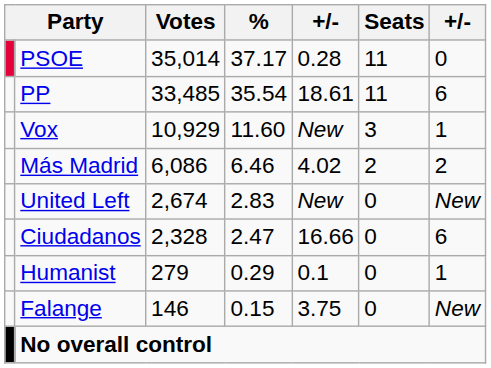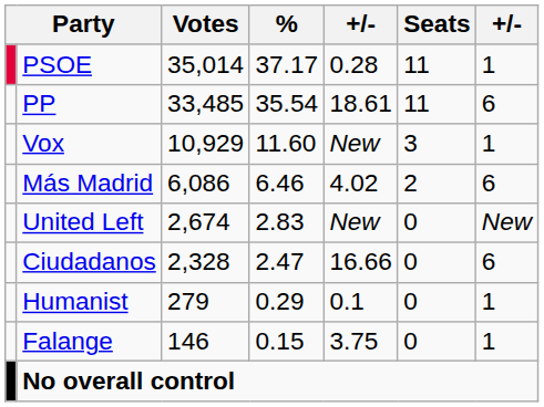 <table class="wikitable">
 <tr>
 <th colspan="2">Party</th>
 <th>Votes</th>
 <th>%</th>
 <th>+/-</th>
 <th>Seats</th>
 <th>+/-</th>
 </tr>
 <tr>
 <td bgcolor="#E4003B"></td>
 <td><a href='#'>PSOE</a></td>
 <td>35,014</td>
 <td>37.17</td>
 <td> 0.28</td>
 <td>11</td>
-<td> 0</td>
+<td> 1</td>
 </tr>
 <tr>
 <td></td>
 <td><a href='#'>PP</a></td>
 <td>33,485</td>
 <td>35.54</td>
 <td> 18.61</td>
 <td>11</td>
 <td> 6</td>
 </tr>
 <tr>
 <td></td>
 <td><a href='#'>Vox</a></td>
 <td>10,929</td>
 <td>11.60</td>
 <td><em>New</em></td>
 <td>3</td>
 <td> 1</td>
 </tr>
 <tr>
 <td></td>
 <td><a href='#'>Más Madrid</a></td>
 <td>6,086</td>
 <td>6.46</td>
 <td> 4.02</td>
 <td>2</td>
-<td> 2</td>
+<td> 6</td>
 </tr>
 <tr>
 <td></td>
 <td><a href='#'>United Left</a></td>
 <td>2,674</td>
 <td>2.83</td>
 <td><em>New</em></td>
 <td>0</td>
 <td><em>New</em></td>
 </tr>
 <tr>
 <td></td>
 <td><a href='#'>Ciudadanos</a></td>
 <td>2,328</td>
 <td>2.47</td>
 <td> 16.66</td>
 <td>0</td>
 <td> 6</td>
 </tr>
 <tr>
 <td></td>
 <td><a href='#'>Humanist</a></td>
 <td>279</td>
 <td>0.29</td>
 <td> 0.1</td>
 <td>0</td>
 <td> 1</td>
 </tr>
 <tr>
 <td></td>
 <td><a href='#'>Falange</a></td>
 <td>146</td>
 <td>0.15</td>
 <td> 3.75</td>
 <td>0</td>
-<td><em>New</em></td>
+<td> 1</td>
 </tr>
 <tr>
 <td bgcolor="black"></td>
 <td colspan="6"><strong>No overall control</strong></td>
 </tr>
 </table>
